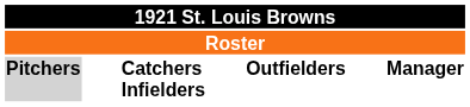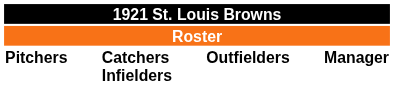 <table class="toccolours" style="font-size: 95%;">
 <tr>
 <th colspan="10" style="background-color: black; color: white; text-align: center;">1921 St. Louis Browns</th>
 </tr>
 <tr>
 <td colspan="10" style="background-color: #F87217; color: white; text-align: center;"><strong>Roster</strong></td>
 </tr>
 <tr>
-<td valign="top" style="background: lightgrey;"><strong>Pitchers</strong><br>              </td>
+<td valign="top"><strong>Pitchers</strong><br>              </td>
 <td width="25px"></td>
 <td valign="top"><strong>Catchers</strong><br>   <strong>Infielders</strong>            </td>
 <td width="25px"></td>
 <td valign="top"><strong>Outfielders</strong><br>   </td>
 <td width="25px"></td>
 <td valign="top"><strong>Manager</strong><br></td>
 </tr>
 <tr>
 </tr>
 </table>
